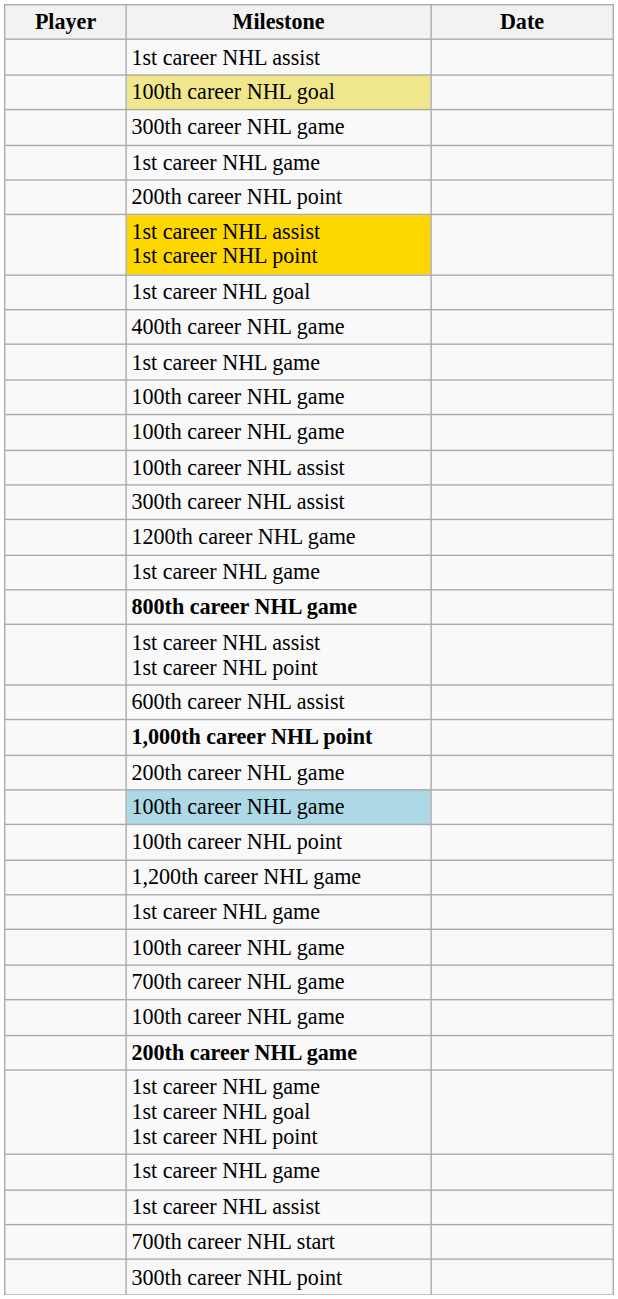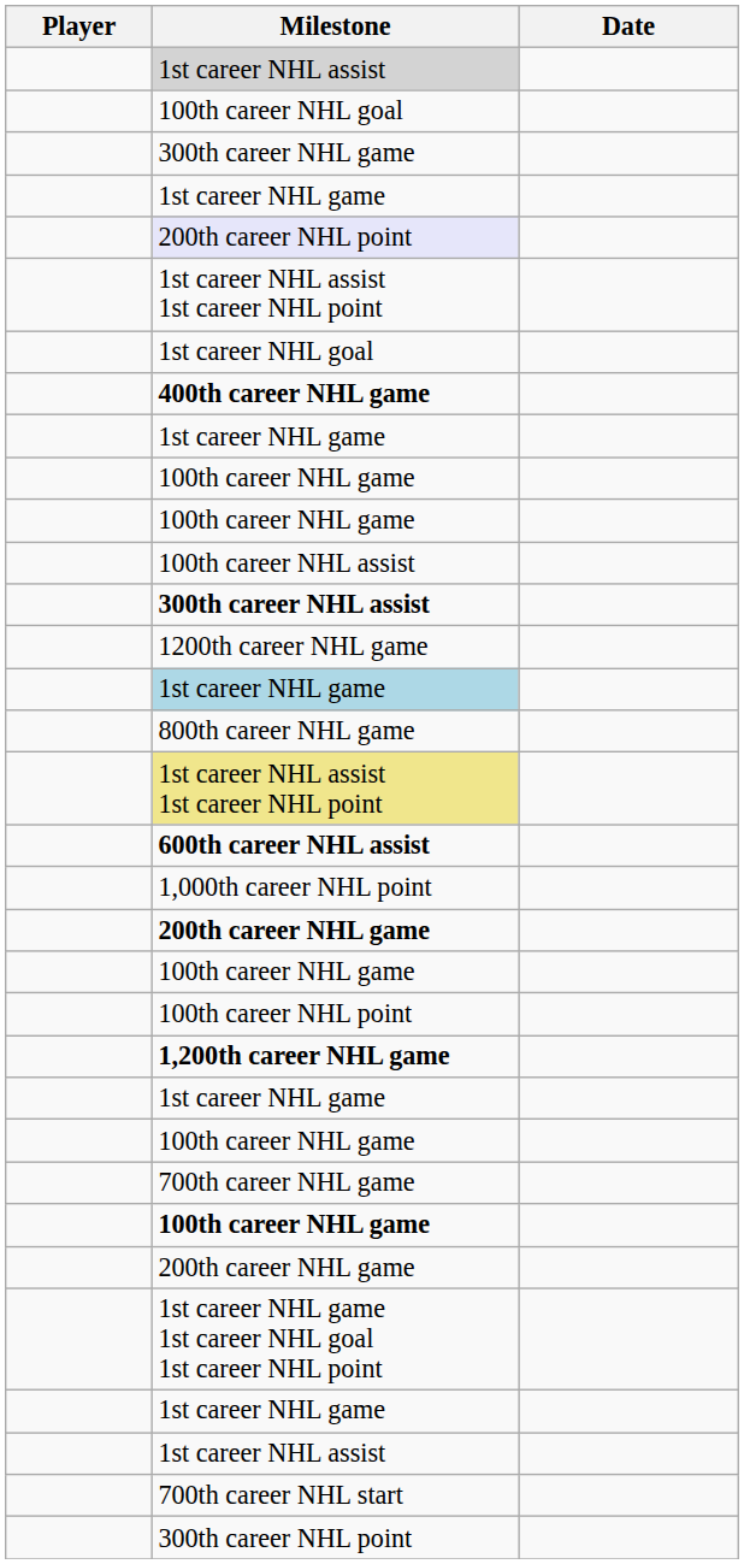 <table class="wikitable sortable" style="width:50%;">
 <tr align=center>
 <th style="width:20%;">Player</th>
 <th style="width:50%;">Milestone</th>
 <th style="width:30%;">Date</th>
 </tr>
 <tr>
 <td></td>
-<td>1st career NHL assist</td>
+<td style="background: lightgrey;">1st career NHL assist</td>
 <td></td>
 </tr>
 <tr>
 <td></td>
-<td style="background: khaki;">100th career NHL goal</td>
+<td>100th career NHL goal</td>
 <td></td>
 </tr>
 <tr>
 <td></td>
 <td>300th career NHL game</td>
 <td></td>
 </tr>
 <tr>
 <td></td>
 <td>1st career NHL game</td>
 <td></td>
 </tr>
 <tr>
 <td></td>
-<td>200th career NHL point</td>
+<td style="background: lavender;">200th career NHL point</td>
 <td></td>
 </tr>
 <tr>
 <td></td>
-<td style="background: gold;">1st career NHL assist<br>1st career NHL point</td>
+<td>1st career NHL assist<br>1st career NHL point</td>
 <td></td>
 </tr>
 <tr>
 <td></td>
 <td>1st career NHL goal</td>
 <td></td>
 </tr>
 <tr>
 <td></td>
-<td>400th career NHL game</td>
+<td><strong>400th career NHL game</strong></td>
 <td></td>
 </tr>
 <tr>
 <td></td>
 <td>1st career NHL game</td>
 <td></td>
 </tr>
 <tr>
 <td></td>
 <td>100th career NHL game</td>
 <td></td>
 </tr>
 <tr>
 <td></td>
 <td>100th career NHL game</td>
 <td></td>
 </tr>
 <tr>
 <td></td>
 <td>100th career NHL assist</td>
 <td></td>
 </tr>
 <tr>
 <td></td>
-<td>300th career NHL assist</td>
+<td><strong>300th career NHL assist</strong></td>
 <td></td>
 </tr>
 <tr>
 <td></td>
 <td>1200th career NHL game</td>
 <td></td>
 </tr>
 <tr>
 <td></td>
-<td>1st career NHL game</td>
+<td style="background: lightblue;">1st career NHL game</td>
 <td></td>
 </tr>
 <tr>
 <td></td>
-<td><strong>800th career NHL game</strong></td>
+<td>800th career NHL game</td>
 <td></td>
 </tr>
 <tr>
 <td></td>
-<td>1st career NHL assist<br>1st career NHL point</td>
+<td style="background: khaki;">1st career NHL assist<br>1st career NHL point</td>
 <td></td>
 </tr>
 <tr>
 <td></td>
-<td>600th career NHL assist</td>
+<td><strong>600th career NHL assist</strong></td>
 <td></td>
 </tr>
 <tr>
 <td></td>
-<td><strong>1,000th career NHL point</strong></td>
+<td>1,000th career NHL point</td>
 <td></td>
 </tr>
 <tr>
 <td></td>
-<td>200th career NHL game</td>
+<td><strong>200th career NHL game</strong></td>
 <td></td>
 </tr>
 <tr>
 <td></td>
-<td style="background: lightblue;">100th career NHL game</td>
+<td>100th career NHL game</td>
 <td></td>
 </tr>
 <tr>
 <td></td>
 <td>100th career NHL point</td>
 <td></td>
 </tr>
 <tr>
 <td></td>
-<td>1,200th career NHL game</td>
+<td><strong>1,200th career NHL game</strong></td>
 <td></td>
 </tr>
 <tr>
 <td></td>
 <td>1st career NHL game</td>
 <td></td>
 </tr>
 <tr>
 <td></td>
 <td>100th career NHL game</td>
 <td></td>
 </tr>
 <tr>
 <td></td>
 <td>700th career NHL game</td>
 <td></td>
 </tr>
 <tr>
 <td></td>
-<td>100th career NHL game</td>
+<td><strong>100th career NHL game</strong></td>
 <td></td>
 </tr>
 <tr>
 <td></td>
-<td><strong>200th career NHL game</strong></td>
+<td>200th career NHL game</td>
 <td></td>
 </tr>
 <tr>
 <td></td>
 <td>1st career NHL game<br>1st career NHL goal<br>1st career NHL point</td>
 <td></td>
 </tr>
 <tr>
 <td></td>
 <td>1st career NHL game</td>
 <td></td>
 </tr>
 <tr>
 <td></td>
 <td>1st career NHL assist</td>
 <td></td>
 </tr>
 <tr>
 <td></td>
 <td>700th career NHL start</td>
 <td></td>
 </tr>
 <tr>
 <td></td>
 <td>300th career NHL point</td>
 <td></td>
 </tr>
 </table>
